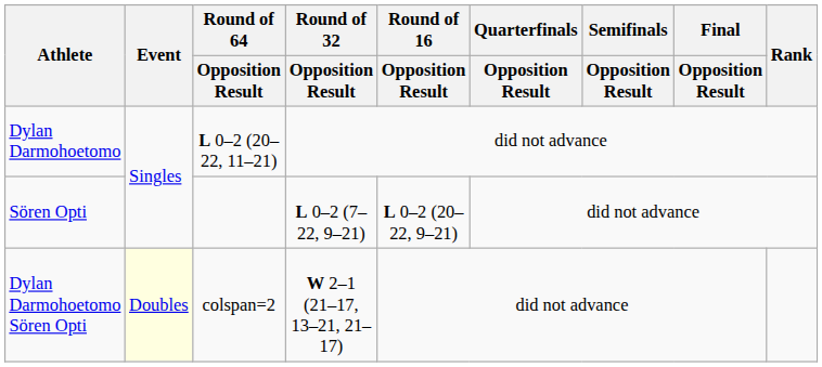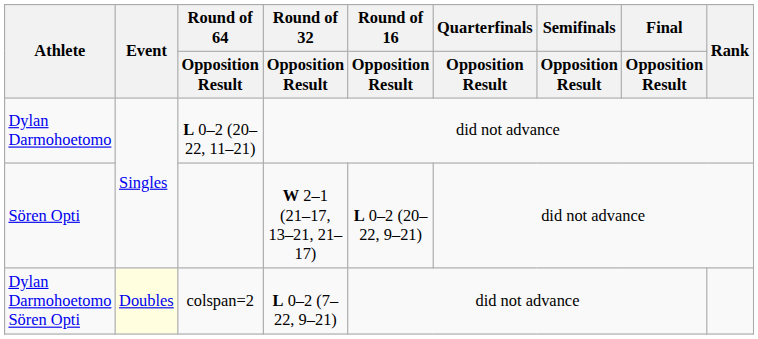 <table class="wikitable" style="font-size:90%">
 <tr>
 <th rowspan="2">Athlete</th>
 <th rowspan="2">Event</th>
 <th>Round of 64</th>
 <th>Round of 32</th>
 <th>Round of 16</th>
 <th>Quarterfinals</th>
 <th>Semifinals</th>
 <th>Final</th>
 <th rowspan="2">Rank</th>
 </tr>
 <tr>
 <th>Opposition<br>Result</th>
 <th>Opposition<br>Result</th>
 <th>Opposition<br>Result</th>
 <th>Opposition<br>Result</th>
 <th>Opposition<br>Result</th>
 <th>Opposition<br>Result</th>
 </tr>
 <tr align=center>
 <td align=left><a href='#'>Dylan Darmohoetomo</a></td>
 <td align=left rowspan=2><a href='#'>Singles</a></td>
 <td><br><strong>L</strong> 0–2 (20–22, 11–21)</td>
 <td colspan=6>did not advance</td>
 </tr>
 <tr align=center>
 <td align=left><a href='#'>Sören Opti</a></td>
 <td></td>
-<td><br><strong>L</strong> 0–2 (7–22, 9–21)</td>
+<td><br><strong>W</strong> 2–1 (21–17, 13–21, 21–17)</td>
 <td><br><strong>L</strong> 0–2 (20–22, 9–21)</td>
 <td colspan=4>did not advance</td>
 </tr>
 <tr align=center>
 <td align=left><a href='#'>Dylan Darmohoetomo</a><br><a href='#'>Sören Opti</a></td>
 <td align=left style="background: lightyellow;"><a href='#'>Doubles</a></td>
 <td>colspan=2 </td>
-<td><br><strong>W</strong> 2–1 (21–17, 13–21, 21–17)</td>
+<td><br><strong>L</strong> 0–2 (7–22, 9–21)</td>
 <td colspan=4>did not advance</td>
 </tr>
 </table>
